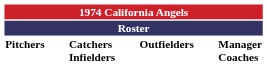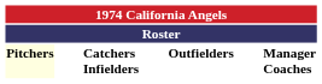 <table class="toccolours" style="font-size: 95%;">
 <tr>
 <th colspan="10" style="background-color: #CE2029; color: white; text-align: center;">1974 California Angels</th>
 </tr>
 <tr>
 <td colspan="10" style="background-color:#333366; color: white; text-align: center;"><strong>Roster</strong></td>
 </tr>
 <tr>
-<td valign="top"><strong>Pitchers</strong><br>                   </td>
+<td valign="top" style="background: lightyellow;"><strong>Pitchers</strong><br>                   </td>
 <td width="25px"></td>
 <td valign="top"><strong>Catchers</strong><br>   <strong>Infielders</strong>           </td>
 <td width="25px"></td>
 <td valign="top"><strong>Outfielders</strong><br>          </td>
 <td width="25px"></td>
 <td valign="top"><strong>Manager</strong><br>   <strong>Coaches</strong>      </td>
 </tr>
 </table>
